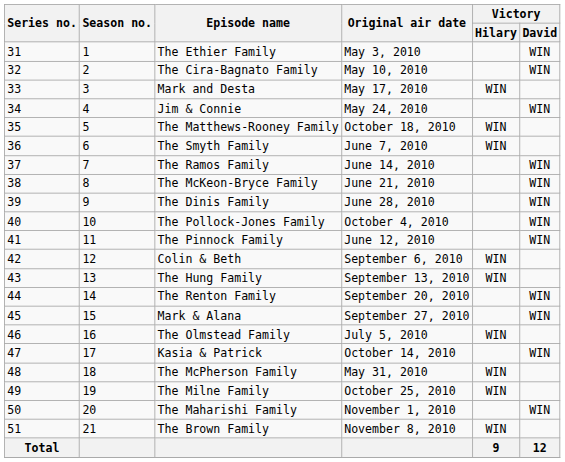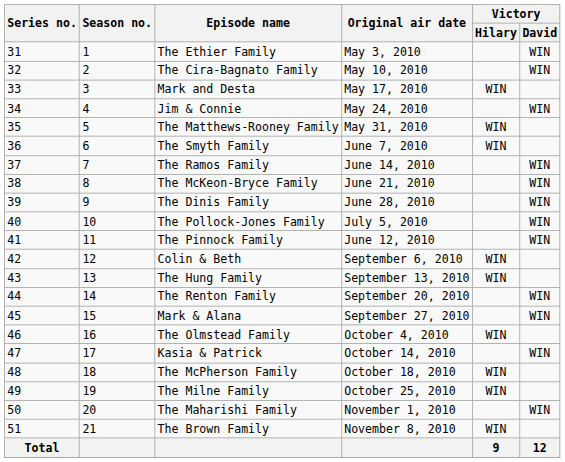 <table class="wikitable">
 <tr>
 <th rowspan=2>Series no.</th>
 <th rowspan=2>Season no.</th>
 <th rowspan=2>Episode name</th>
 <th rowspan=2>Original air date</th>
 <th colspan=2>Victory</th>
 </tr>
 <tr>
 <th>Hilary</th>
 <th>David</th>
 </tr>
 <tr>
 <td>31</td>
 <td>1</td>
 <td>The Ethier Family</td>
 <td>May 3, 2010</td>
 <td align=center></td>
 <td align=center>WIN</td>
 </tr>
 <tr>
 <td>32</td>
 <td>2</td>
 <td>The Cira-Bagnato Family</td>
 <td>May 10, 2010</td>
 <td align=center></td>
 <td align=center>WIN</td>
 </tr>
 <tr>
 <td>33</td>
 <td>3</td>
 <td>Mark and Desta</td>
 <td>May 17, 2010</td>
 <td align=center>WIN</td>
 <td align=center></td>
 </tr>
 <tr>
 <td>34</td>
 <td>4</td>
 <td>Jim & Connie</td>
 <td>May 24, 2010</td>
 <td align=center></td>
 <td align=center>WIN</td>
 </tr>
 <tr>
 <td>35</td>
 <td>5</td>
 <td>The Matthews-Rooney Family</td>
-<td>October 18, 2010</td>
+<td>May 31, 2010</td>
 <td align=center>WIN</td>
 <td align=center></td>
 </tr>
 <tr>
 <td>36</td>
 <td>6</td>
 <td>The Smyth Family</td>
 <td>June 7, 2010</td>
 <td align=center>WIN</td>
 <td align=center></td>
 </tr>
 <tr>
 <td>37</td>
 <td>7</td>
 <td>The Ramos Family</td>
 <td>June 14, 2010</td>
 <td align=center></td>
 <td align=center>WIN</td>
 </tr>
 <tr>
 <td>38</td>
 <td>8</td>
 <td>The McKeon-Bryce Family</td>
 <td>June 21, 2010</td>
 <td align=center></td>
 <td align=center>WIN</td>
 </tr>
 <tr>
 <td>39</td>
 <td>9</td>
 <td>The Dinis Family</td>
 <td>June 28, 2010</td>
 <td align=center></td>
 <td align=center>WIN</td>
 </tr>
 <tr>
 <td>40</td>
 <td>10</td>
 <td>The Pollock-Jones Family</td>
-<td>October 4, 2010</td>
+<td>July 5, 2010</td>
 <td align=center></td>
 <td align=center>WIN</td>
 </tr>
 <tr>
 <td>41</td>
 <td>11</td>
 <td>The Pinnock Family</td>
 <td>June 12, 2010</td>
 <td align=center></td>
 <td align=center>WIN</td>
 </tr>
 <tr>
 <td>42</td>
 <td>12</td>
 <td>Colin & Beth</td>
 <td>September 6, 2010</td>
 <td align=center>WIN</td>
 <td align=center></td>
 </tr>
 <tr>
 <td>43</td>
 <td>13</td>
 <td>The Hung Family</td>
 <td>September 13, 2010</td>
 <td align=center>WIN</td>
 <td align=center></td>
 </tr>
 <tr>
 <td>44</td>
 <td>14</td>
 <td>The Renton Family</td>
 <td>September 20, 2010</td>
 <td align=center></td>
 <td align=center>WIN</td>
 </tr>
 <tr>
 <td>45</td>
 <td>15</td>
 <td>Mark & Alana</td>
 <td>September 27, 2010</td>
 <td align=center></td>
 <td align=center>WIN</td>
 </tr>
 <tr>
 <td>46</td>
 <td>16</td>
 <td>The Olmstead Family</td>
-<td>July 5, 2010</td>
+<td>October 4, 2010</td>
 <td align=center>WIN</td>
 <td align=center></td>
 </tr>
 <tr>
 <td>47</td>
 <td>17</td>
 <td>Kasia & Patrick</td>
 <td>October 14, 2010</td>
 <td align=center></td>
 <td align=center>WIN</td>
 </tr>
 <tr>
 <td>48</td>
 <td>18</td>
 <td>The McPherson Family</td>
-<td>May 31, 2010</td>
+<td>October 18, 2010</td>
 <td align=center>WIN</td>
 <td align=center></td>
 </tr>
 <tr>
 <td>49</td>
 <td>19</td>
 <td>The Milne Family</td>
 <td>October 25, 2010</td>
 <td align=center>WIN</td>
 <td align=center></td>
 </tr>
 <tr>
 <td>50</td>
 <td>20</td>
 <td>The Maharishi Family</td>
 <td>November 1, 2010</td>
 <td align=center></td>
 <td align=center>WIN</td>
 </tr>
 <tr>
 <td>51</td>
 <td>21</td>
 <td>The Brown Family</td>
 <td>November 8, 2010</td>
 <td align=center>WIN</td>
 <td align=center></td>
 </tr>
 <tr>
 <th>Total</th>
 <th></th>
 <th></th>
 <th></th>
 <th>9</th>
 <th>12</th>
 </tr>
 <tr>
 </tr>
 </table>
